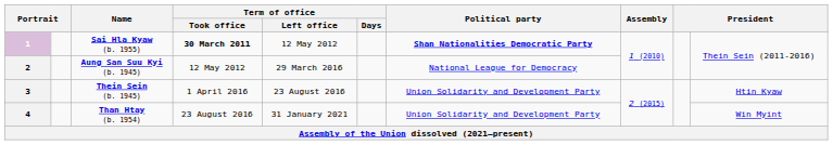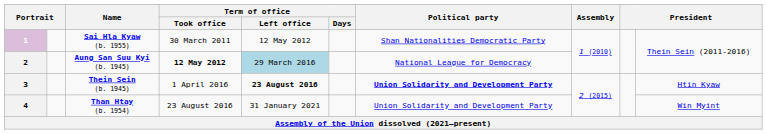 <table class="wikitable" style="text-align:center; width:100%; border:1px #AAAAFF solid">
 <tr>
 <th width="80" rowspan="2" colspan="2">Portrait</th>
 <th rowspan="2">Name<br></th>
 <th colspan="3">Term of office</th>
 <th rowspan="2">Political party</th>
 <th rowspan="2">Assembly</th>
 <th rowspan="2" colspan="2">President</th>
 </tr>
 <tr>
 <th>Took office</th>
 <th>Left office</th>
 <th>Days</th>
 </tr>
 <tr>
 <th style="background-color:#DBBEDC; color:white">1</th>
 <td></td>
 <td><strong><a href='#'>Sai Hla Kyaw</a></strong><br><small>(b. 1955)</small></td>
-<td><strong>30 March 2011</strong></td>
+<td>30 March 2011</td>
 <td>12 May 2012</td>
 <td></td>
-<td><strong><a href='#'>Shan Nationalities Democratic Party</a></strong></td>
+<td><a href='#'>Shan Nationalities Democratic Party</a></td>
 <td rowspan="2"><a href='#'><em>1</em> <small>(2010)</small></a></td>
 <td rowspan="2">  </td>
 <td rowspan="2"><a href='#'>Thein Sein</a> (2011-2016)</td>
 </tr>
 <tr>
 <th style="background-color:">2</th>
 <td></td>
 <td><strong><a href='#'>Aung San Suu Kyi</a></strong> <br><small>(b. 1945)</small></td>
-<td>12 May 2012</td>
-<td>29 March 2016</td>
+<td><strong>12 May 2012</strong></td>
+<td style="background: lightblue;">29 March 2016</td>
 <td></td>
 <td><a href='#'>National League for Democracy</a></td>
 </tr>
 <tr>
 <th style="background-color:">3</th>
 <td></td>
 <td><strong><a href='#'>Thein Sein</a></strong><br><small>(b. 1945)</small></td>
 <td>1 April 2016</td>
-<td>23 August 2016</td>
+<td><strong>23 August 2016</strong></td>
 <td></td>
-<td><a href='#'>Union Solidarity and Development Party</a></td>
+<td><strong><a href='#'>Union Solidarity and Development Party</a></strong></td>
 <td rowspan="3"><a href='#'><em>2</em> <small>(2015)</small></a></td>
 <td rowspan="3"></td>
 <td rowspan="2"><a href='#'>Htin Kyaw</a><br></td>
 </tr>
 <tr>
 <th rowspan="2" style="background-color:">4</th>
 <td rowspan="2"></td>
 <td rowspan="2"><strong><a href='#'>Than Htay</a></strong> <br><small>(b. 1954)</small></td>
 <td rowspan="2">23 August 2016</td>
 <td rowspan="2">31 January 2021</td>
 <td rowspan="2"></td>
 <td rowspan="2"><a href='#'>Union Solidarity and Development Party</a></td>
 </tr>
 <tr>
 <td><a href='#'>Win Myint</a><br></td>
 </tr>
 <tr>
 <th colspan="10"><a href='#'>Assembly of the Union</a> dissolved (2021–present)</th>
 </tr>
 </table>
